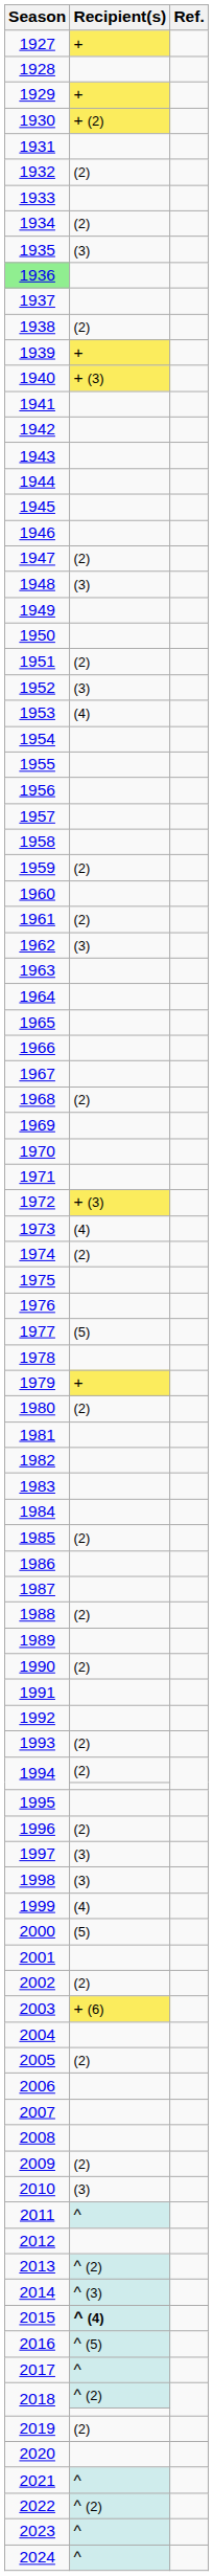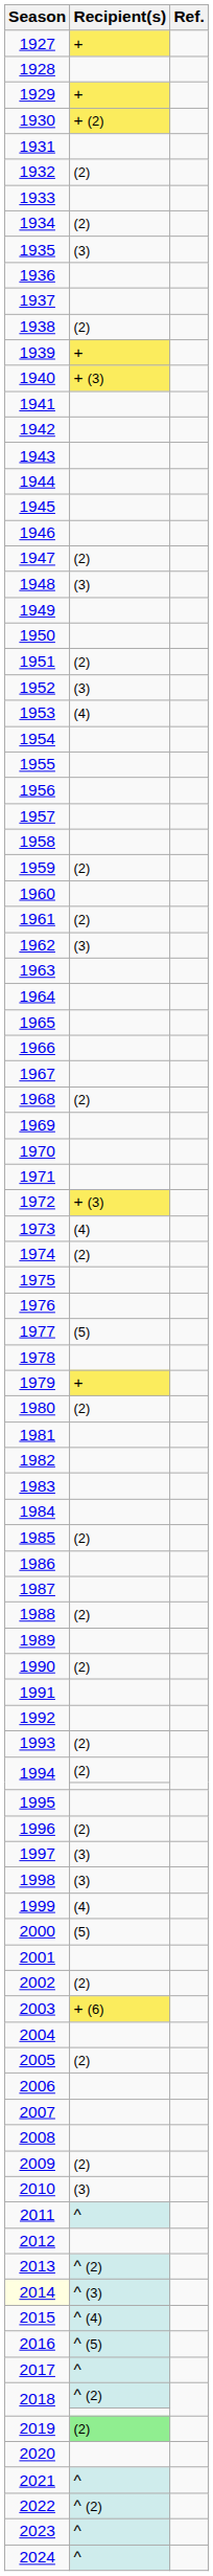 <table class="wikitable sortable" style="text-align:center">
 <tr>
 <th>Season</th>
 <th>Recipient(s)</th>
 <th class=unsortable>Ref.</th>
 </tr>
 <tr>
 <td><a href='#'>1927</a></td>
 <td style="text-align:left; background:#fbec5d;">+</td>
 <td></td>
 </tr>
 <tr>
 <td><a href='#'>1928</a></td>
 <td align=left></td>
 <td></td>
 </tr>
 <tr>
 <td><a href='#'>1929</a></td>
 <td style="text-align:left; background:#fbec5d;">+</td>
 <td></td>
 </tr>
 <tr>
 <td><a href='#'>1930</a></td>
 <td style="text-align:left; background:#fbec5d;">+ <small>(2)</small></td>
 <td></td>
 </tr>
 <tr>
 <td><a href='#'>1931</a></td>
 <td align=left></td>
 <td></td>
 </tr>
 <tr>
 <td><a href='#'>1932</a></td>
 <td align=left> <small>(2)</small></td>
 <td></td>
 </tr>
 <tr>
 <td><a href='#'>1933</a></td>
 <td align=left></td>
 <td></td>
 </tr>
 <tr>
 <td><a href='#'>1934</a></td>
 <td align=left> <small>(2)</small></td>
 <td></td>
 </tr>
 <tr>
 <td><a href='#'>1935</a></td>
 <td align=left> <small>(3)</small></td>
 <td></td>
 </tr>
 <tr>
-<td style="background: lightgreen;"><a href='#'>1936</a></td>
+<td><a href='#'>1936</a></td>
 <td align=left></td>
 <td></td>
 </tr>
 <tr>
 <td><a href='#'>1937</a></td>
 <td align=left></td>
 <td></td>
 </tr>
 <tr>
 <td><a href='#'>1938</a></td>
 <td align=left> <small>(2)</small></td>
 <td></td>
 </tr>
 <tr>
 <td><a href='#'>1939</a></td>
 <td style="text-align:left; background:#fbec5d;">+</td>
 <td></td>
 </tr>
 <tr>
 <td><a href='#'>1940</a></td>
 <td style="text-align:left; background:#fbec5d;">+ <small>(3)</small></td>
 <td></td>
 </tr>
 <tr>
 <td><a href='#'>1941</a></td>
 <td align=left></td>
 <td></td>
 </tr>
 <tr>
 <td><a href='#'>1942</a></td>
 <td align=left></td>
 <td></td>
 </tr>
 <tr>
 <td><a href='#'>1943</a></td>
 <td></td>
 <td></td>
 </tr>
 <tr>
 <td><a href='#'>1944</a></td>
 <td></td>
 <td></td>
 </tr>
 <tr>
 <td><a href='#'>1945</a></td>
 <td></td>
 <td></td>
 </tr>
 <tr>
 <td><a href='#'>1946</a></td>
 <td align=left></td>
 <td></td>
 </tr>
 <tr>
 <td><a href='#'>1947</a></td>
 <td align=left> <small>(2)</small></td>
 <td></td>
 </tr>
 <tr>
 <td><a href='#'>1948</a></td>
 <td align=left> <small>(3)</small></td>
 <td></td>
 </tr>
 <tr>
 <td><a href='#'>1949</a></td>
 <td align=left></td>
 <td></td>
 </tr>
 <tr>
 <td><a href='#'>1950</a></td>
 <td align=left></td>
 <td></td>
 </tr>
 <tr>
 <td><a href='#'>1951</a></td>
 <td align=left> <small>(2)</small></td>
 <td></td>
 </tr>
 <tr>
 <td><a href='#'>1952</a></td>
 <td align=left> <small>(3)</small></td>
 <td></td>
 </tr>
 <tr>
 <td><a href='#'>1953</a></td>
 <td align=left> <small>(4)</small></td>
 <td></td>
 </tr>
 <tr>
 <td><a href='#'>1954</a></td>
 <td align=left></td>
 <td></td>
 </tr>
 <tr>
 <td><a href='#'>1955</a></td>
 <td align=left></td>
 <td></td>
 </tr>
 <tr>
 <td><a href='#'>1956</a></td>
 <td align=left></td>
 <td></td>
 </tr>
 <tr>
 <td><a href='#'>1957</a></td>
 <td align=left></td>
 <td></td>
 </tr>
 <tr>
 <td><a href='#'>1958</a></td>
 <td align=left></td>
 <td></td>
 </tr>
 <tr>
 <td><a href='#'>1959</a></td>
 <td align=left> <small>(2)</small></td>
 <td></td>
 </tr>
 <tr>
 <td><a href='#'>1960</a></td>
 <td align=left></td>
 <td></td>
 </tr>
 <tr>
 <td><a href='#'>1961</a></td>
 <td align=left> <small>(2)</small></td>
 <td></td>
 </tr>
 <tr>
 <td><a href='#'>1962</a></td>
 <td align=left> <small>(3)</small></td>
 <td></td>
 </tr>
 <tr>
 <td><a href='#'>1963</a></td>
 <td align=left></td>
 <td></td>
 </tr>
 <tr>
 <td><a href='#'>1964</a></td>
 <td align=left></td>
 <td></td>
 </tr>
 <tr>
 <td><a href='#'>1965</a></td>
 <td align=left></td>
 <td></td>
 </tr>
 <tr>
 <td><a href='#'>1966</a></td>
 <td align=left></td>
 <td></td>
 </tr>
 <tr>
 <td><a href='#'>1967</a></td>
 <td align=left></td>
 <td></td>
 </tr>
 <tr>
 <td><a href='#'>1968</a></td>
 <td align=left> <small>(2)</small></td>
 <td></td>
 </tr>
 <tr>
 <td><a href='#'>1969</a></td>
 <td align=left></td>
 <td></td>
 </tr>
 <tr>
 <td><a href='#'>1970</a></td>
 <td align=left></td>
 <td></td>
 </tr>
 <tr>
 <td><a href='#'>1971</a></td>
 <td align=left></td>
 <td></td>
 </tr>
 <tr>
 <td><a href='#'>1972</a></td>
 <td style="text-align:left; background:#fbec5d;">+ <small>(3)</small></td>
 <td></td>
 </tr>
 <tr>
 <td><a href='#'>1973</a></td>
 <td align=left> <small>(4)</small></td>
 <td></td>
 </tr>
 <tr>
 <td><a href='#'>1974</a></td>
 <td align=left> <small>(2)</small></td>
 <td></td>
 </tr>
 <tr>
 <td><a href='#'>1975</a></td>
 <td align=left></td>
 <td></td>
 </tr>
 <tr>
 <td><a href='#'>1976</a></td>
 <td align=left></td>
 <td></td>
 </tr>
 <tr>
 <td><a href='#'>1977</a></td>
 <td align=left> <small>(5)</small></td>
 <td></td>
 </tr>
 <tr>
 <td><a href='#'>1978</a></td>
 <td align=left></td>
 <td></td>
 </tr>
 <tr>
 <td><a href='#'>1979</a></td>
 <td style="text-align:left; background:#fbec5d;">+</td>
 <td></td>
 </tr>
 <tr>
 <td><a href='#'>1980</a></td>
 <td align=left> <small>(2)</small></td>
 <td></td>
 </tr>
 <tr>
 <td><a href='#'>1981</a></td>
 <td align=left></td>
 <td></td>
 </tr>
 <tr>
 <td><a href='#'>1982</a></td>
 <td align=left></td>
 <td></td>
 </tr>
 <tr>
 <td><a href='#'>1983</a></td>
 <td align=left></td>
 <td></td>
 </tr>
 <tr>
 <td><a href='#'>1984</a></td>
 <td align=left></td>
 <td></td>
 </tr>
 <tr>
 <td><a href='#'>1985</a></td>
 <td align=left> <small>(2)</small></td>
 <td></td>
 </tr>
 <tr>
 <td><a href='#'>1986</a></td>
 <td align=left></td>
 <td></td>
 </tr>
 <tr>
 <td><a href='#'>1987</a></td>
 <td align=left></td>
 <td></td>
 </tr>
 <tr>
 <td><a href='#'>1988</a></td>
 <td align=left> <small>(2)</small></td>
 <td></td>
 </tr>
 <tr>
 <td><a href='#'>1989</a></td>
 <td align=left></td>
 <td></td>
 </tr>
 <tr>
 <td><a href='#'>1990</a></td>
 <td align=left> <small>(2)</small></td>
 <td></td>
 </tr>
 <tr>
 <td><a href='#'>1991</a></td>
 <td align=left></td>
 <td></td>
 </tr>
 <tr>
 <td><a href='#'>1992</a></td>
 <td align=left></td>
 <td></td>
 </tr>
 <tr>
 <td><a href='#'>1993</a></td>
 <td align=left> <small>(2)</small></td>
 <td></td>
 </tr>
 <tr>
 <td rowspan=2><a href='#'>1994</a></td>
 <td align=left> <small>(2)</small></td>
 <td rowspan=2></td>
 </tr>
 <tr>
 <td align=left></td>
 </tr>
 <tr>
 <td><a href='#'>1995</a></td>
 <td align=left></td>
 <td></td>
 </tr>
 <tr>
 <td><a href='#'>1996</a></td>
 <td align=left> <small>(2)</small></td>
 <td></td>
 </tr>
 <tr>
 <td><a href='#'>1997</a></td>
 <td align=left> <small>(3)</small></td>
 <td></td>
 </tr>
 <tr>
 <td><a href='#'>1998</a></td>
 <td align=left> <small>(3)</small></td>
 <td></td>
 </tr>
 <tr>
 <td><a href='#'>1999</a></td>
 <td align=left> <small>(4)</small></td>
 <td></td>
 </tr>
 <tr>
 <td><a href='#'>2000</a></td>
 <td align=left> <small>(5)</small></td>
 <td></td>
 </tr>
 <tr>
 <td><a href='#'>2001</a></td>
 <td align=left></td>
 <td></td>
 </tr>
 <tr>
 <td><a href='#'>2002</a></td>
 <td align=left> <small>(2)</small></td>
 <td></td>
 </tr>
 <tr>
 <td><a href='#'>2003</a></td>
 <td style="text-align:left; background:#fbec5d;">+ <small>(6)</small></td>
 <td></td>
 </tr>
 <tr>
 <td><a href='#'>2004</a></td>
 <td align=left></td>
 <td></td>
 </tr>
 <tr>
 <td><a href='#'>2005</a></td>
 <td align=left> <small>(2)</small></td>
 <td></td>
 </tr>
 <tr>
 <td><a href='#'>2006</a></td>
 <td align=left></td>
 <td></td>
 </tr>
 <tr>
 <td><a href='#'>2007</a></td>
 <td align=left></td>
 <td></td>
 </tr>
 <tr>
 <td><a href='#'>2008</a></td>
 <td align=left></td>
 <td></td>
 </tr>
 <tr>
 <td><a href='#'>2009</a></td>
 <td align=left> <small>(2)</small></td>
 <td></td>
 </tr>
 <tr>
 <td><a href='#'>2010</a></td>
 <td align=left> <small>(3)</small></td>
 <td></td>
 </tr>
 <tr>
 <td><a href='#'>2011</a></td>
 <td style="text-align:left; background:#cfecec;">^</td>
 <td></td>
 </tr>
 <tr>
 <td><a href='#'>2012</a></td>
 <td style="text-align:left"></td>
 <td></td>
 </tr>
 <tr>
 <td><a href='#'>2013</a></td>
 <td style="text-align:left; background:#cfecec;">^ <small>(2)</small></td>
 <td></td>
 </tr>
 <tr>
-<td><a href='#'>2014</a></td>
+<td style="background: lightyellow;"><a href='#'>2014</a></td>
 <td style="text-align:left; background:#cfecec;">^ <small>(3)</small></td>
 <td></td>
 </tr>
 <tr>
 <td><a href='#'>2015</a></td>
-<td style="text-align:left; background:#cfecec;"><strong>^ <small>(4)</small></strong></td>
+<td style="text-align:left; background:#cfecec;">^ <small>(4)</small></td>
 <td></td>
 </tr>
 <tr>
 <td><a href='#'>2016</a></td>
 <td style="text-align:left; background:#cfecec;">^ <small>(5)</small></td>
 <td></td>
 </tr>
 <tr>
 <td><a href='#'>2017</a></td>
 <td style="text-align:left; background:#cfecec;">^</td>
 <td></td>
 </tr>
 <tr>
 <td rowspan=2><a href='#'>2018</a></td>
 <td style="text-align:left; background:#cfecec;">^ <small>(2)</small></td>
 <td rowspan=2></td>
 </tr>
 <tr>
 <td style="text-align:left"></td>
 </tr>
 <tr>
 <td><a href='#'>2019</a></td>
-<td style="text-align:left;"> <small>(2)</small></td>
+<td style="background: lightgreen; text-align:left;"> <small>(2)</small></td>
 <td></td>
 </tr>
 <tr>
 <td><a href='#'>2020</a></td>
 <td style="text-align:left;"></td>
 <td></td>
 </tr>
 <tr>
 <td><a href='#'>2021</a></td>
 <td style="text-align:left; background:#cfecec;">^</td>
 <td></td>
 </tr>
 <tr>
 <td><a href='#'>2022</a></td>
 <td style="text-align:left; background:#cfecec;">^ <small>(2)</small></td>
 <td></td>
 </tr>
 <tr>
 <td><a href='#'>2023</a></td>
 <td style="text-align:left; background:#cfecec;">^</td>
 <td></td>
 </tr>
 <tr>
 <td><a href='#'>2024</a></td>
 <td style="text-align:left; background:#cfecec;">^</td>
 <td></td>
 </tr>
 </table>
